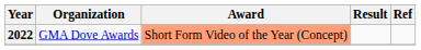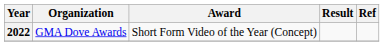 <table class="wikitable plainrowheaders">
 <tr>
 <th>Year</th>
 <th>Organization</th>
 <th>Award</th>
 <th>Result</th>
 <th>Ref</th>
 </tr>
 <tr>
 <th scope="row">2022</th>
 <td><a href='#'>GMA Dove Awards</a></td>
-<td style="background: lightsalmon;">Short Form Video of the Year (Concept)</td>
+<td>Short Form Video of the Year (Concept)</td>
 <td></td>
 <td></td>
 </tr>
 <tr>
 </tr>
 </table>
